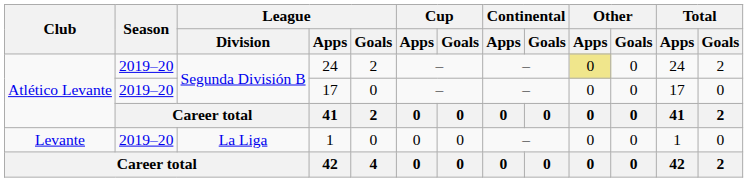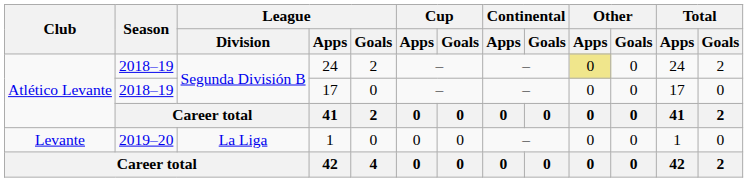 <table class="wikitable" style="text-align: center">
 <tr>
 <th rowspan="2">Club</th>
 <th rowspan="2">Season</th>
 <th colspan="3">League</th>
 <th colspan="2">Cup</th>
 <th colspan="2">Continental</th>
 <th colspan="2">Other</th>
 <th colspan="2">Total</th>
 </tr>
 <tr>
 <th>Division</th>
 <th>Apps</th>
 <th>Goals</th>
 <th>Apps</th>
 <th>Goals</th>
 <th>Apps</th>
 <th>Goals</th>
 <th>Apps</th>
 <th>Goals</th>
 <th>Apps</th>
 <th>Goals</th>
 </tr>
 <tr>
 <td rowspan="3"><a href='#'>Atlético Levante</a></td>
-<td><a href='#'>2019–20</a></td>
+<td><a href='#'>2018–19</a></td>
 <td rowspan="2"><a href='#'>Segunda División B</a></td>
 <td>24</td>
 <td>2</td>
 <td colspan="2">–</td>
 <td colspan="2">–</td>
 <td style="background: khaki;">0</td>
 <td>0</td>
 <td>24</td>
 <td>2</td>
 </tr>
 <tr>
-<td><a href='#'>2019–20</a></td>
+<td><a href='#'>2018–19</a></td>
 <td>17</td>
 <td>0</td>
 <td colspan="2">–</td>
 <td colspan="2">–</td>
 <td>0</td>
 <td>0</td>
 <td>17</td>
 <td>0</td>
 </tr>
 <tr>
 <th colspan="2"><strong>Career total</strong></th>
 <th>41</th>
 <th>2</th>
 <th>0</th>
 <th>0</th>
 <th>0</th>
 <th>0</th>
 <th>0</th>
 <th>0</th>
 <th>41</th>
 <th>2</th>
 </tr>
 <tr>
 <td><a href='#'>Levante</a></td>
 <td><a href='#'>2019–20</a></td>
 <td><a href='#'>La Liga</a></td>
 <td>1</td>
 <td>0</td>
 <td>0</td>
 <td>0</td>
 <td colspan="2">–</td>
 <td>0</td>
 <td>0</td>
 <td>1</td>
 <td>0</td>
 </tr>
 <tr>
 <th colspan="3"><strong>Career total</strong></th>
 <th>42</th>
 <th>4</th>
 <th>0</th>
 <th>0</th>
 <th>0</th>
 <th>0</th>
 <th>0</th>
 <th>0</th>
 <th>42</th>
 <th>2</th>
 </tr>
 </table>
